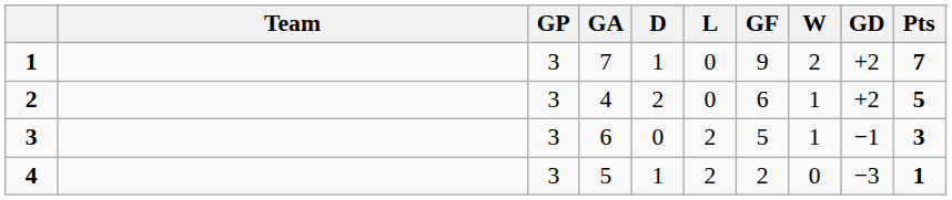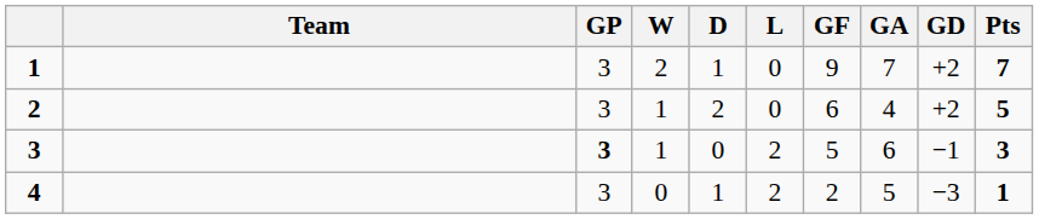 <table class="wikitable" style="text-align:center">
 <tr>
 <th width=5%></th>
 <th width=45%>Team</th>
 <th width=5%>GP</th>
-<th width=5%>GA</th>
+<th width=5%>W</th>
 <th width=5%>D</th>
 <th width=5%>L</th>
 <th width=5%>GF</th>
-<th width=5%>W</th>
+<th width=5%>GA</th>
 <th width=5%>GD</th>
 <th width=5%>Pts</th>
 </tr>
 <tr>
 <td><strong>1</strong></td>
 <td align=left></td>
 <td>3</td>
-<td>7</td>
+<td>2</td>
 <td>1</td>
 <td>0</td>
 <td>9</td>
-<td>2</td>
+<td>7</td>
 <td>+2</td>
 <td><strong>7</strong></td>
 </tr>
 <tr>
 <td><strong>2</strong></td>
 <td align=left></td>
 <td>3</td>
-<td>4</td>
+<td>1</td>
 <td>2</td>
 <td>0</td>
 <td>6</td>
-<td>1</td>
+<td>4</td>
 <td>+2</td>
 <td><strong>5</strong></td>
 </tr>
 <tr>
 <td><strong>3</strong></td>
 <td align=left></td>
-<td>3</td>
-<td>6</td>
+<td><strong>3</strong></td>
+<td>1</td>
 <td>0</td>
 <td>2</td>
 <td>5</td>
-<td>1</td>
+<td>6</td>
 <td>−1</td>
 <td><strong>3</strong></td>
 </tr>
 <tr>
 <td><strong>4</strong></td>
 <td align=left></td>
 <td>3</td>
-<td>5</td>
+<td>0</td>
 <td>1</td>
 <td>2</td>
 <td>2</td>
-<td>0</td>
+<td>5</td>
 <td>−3</td>
 <td><strong>1</strong></td>
 </tr>
 </table>
